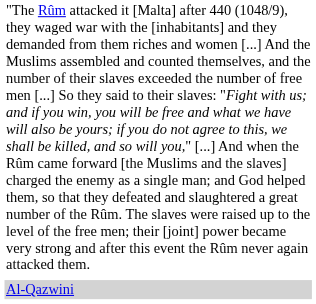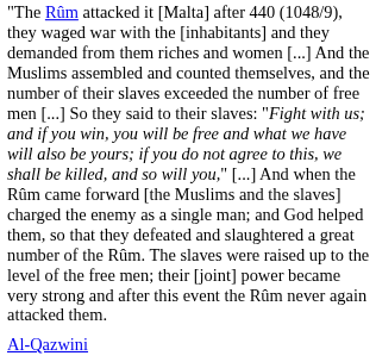 <table class="toccolours" style="float: right; margin-left: 1em; margin-right: 1em; font-size: 85%;  color:black; width:300px; max-width: 40%;" cellspacing="5">
 <tr>
 <td style="text-align: left;">"The <a href='#'>Rûm</a> attacked it [Malta] after 440 (1048/9), they waged war with the [inhabitants] and they demanded from them riches and women [...] And the Muslims assembled and counted themselves, and the number of their slaves exceeded the number of free men [...] So they said to their slaves: "<em>Fight with us; and if you win, you will be free and what we have will also be yours; if you do not agree to this, we shall be killed, and so will you,</em>" [...] And when the Rûm came forward [the Muslims and the slaves] charged the enemy as a single man; and God helped them, so that they defeated and slaughtered a great number of the Rûm. The slaves were raised up to the level of the free men; their [joint] power became very strong and after this event the Rûm never again attacked them.</td>
 </tr>
 <tr>
-<td style="background: lightgrey; text-align: left;"><a href='#'>Al-Qazwini</a></td>
+<td style="text-align: left;"><a href='#'>Al-Qazwini</a></td>
 </tr>
 </table>
